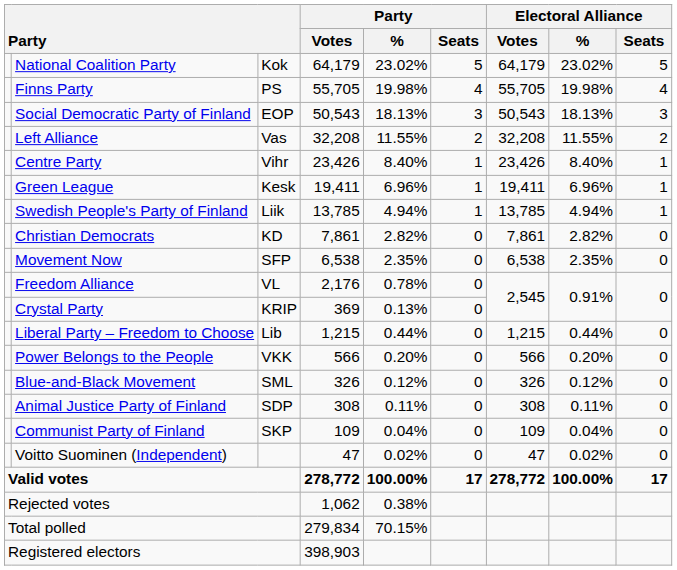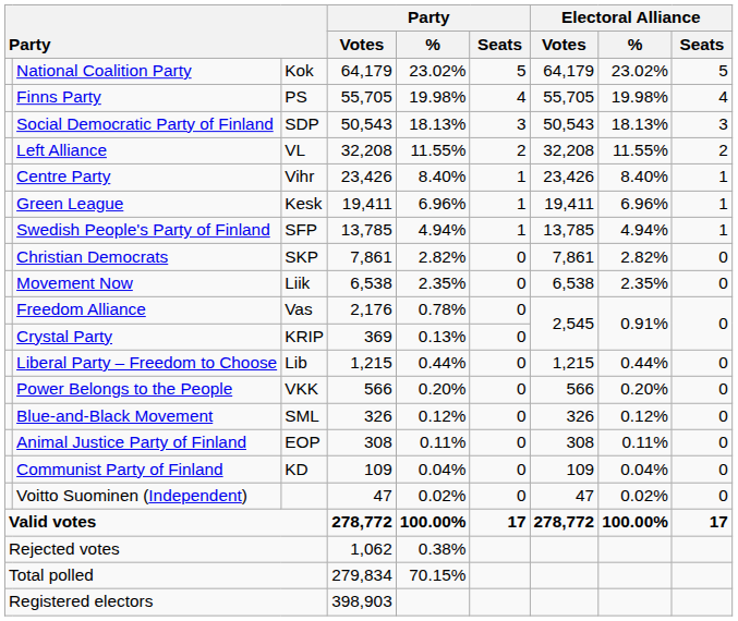 <table class="wikitable" border="1" style="text-align:right;">
 <tr>
 <th style="text-align:left;" valign=bottom rowspan=2 colspan=3>Party</th>
 <th colspan=3>Party</th>
 <th colspan=3>Electoral Alliance</th>
 </tr>
 <tr>
 <th align=center valign=bottom width="50">Votes</th>
 <th align=center valign=bottom width="50">%</th>
 <th align=center valign=bottom width="50">Seats</th>
 <th align=center valign=bottom width="50">Votes</th>
 <th align=center valign=bottom width="50">%</th>
 <th align=center valign=bottom width="50">Seats</th>
 </tr>
 <tr>
 <td></td>
 <td align=left><a href='#'>National Coalition Party</a></td>
 <td align=left>Kok</td>
 <td>64,179</td>
 <td>23.02%</td>
 <td>5</td>
 <td>64,179</td>
 <td>23.02%</td>
 <td>5</td>
 </tr>
 <tr>
 <td></td>
 <td align=left><a href='#'>Finns Party</a></td>
 <td align=left>PS</td>
 <td>55,705</td>
 <td>19.98%</td>
 <td>4</td>
 <td>55,705</td>
 <td>19.98%</td>
 <td>4</td>
 </tr>
 <tr>
 <td></td>
 <td align=left style="white-space: nowrap;"><a href='#'>Social Democratic Party of Finland</a></td>
-<td align=left>EOP</td>
+<td align=left>SDP</td>
 <td>50,543</td>
 <td>18.13%</td>
 <td>3</td>
 <td>50,543</td>
 <td>18.13%</td>
 <td>3</td>
 </tr>
 <tr>
 <td></td>
 <td align=left><a href='#'>Left Alliance</a></td>
-<td align=left>Vas</td>
+<td align=left>VL</td>
 <td>32,208</td>
 <td>11.55%</td>
 <td>2</td>
 <td>32,208</td>
 <td>11.55%</td>
 <td>2</td>
 </tr>
 <tr>
 <td></td>
 <td align=left><a href='#'>Centre Party</a></td>
 <td align=left>Vihr</td>
 <td>23,426</td>
 <td>8.40%</td>
 <td>1</td>
 <td>23,426</td>
 <td>8.40%</td>
 <td>1</td>
 </tr>
 <tr>
 <td></td>
 <td align=left><a href='#'>Green League</a></td>
 <td align=left>Kesk</td>
 <td>19,411</td>
 <td>6.96%</td>
 <td>1</td>
 <td>19,411</td>
 <td>6.96%</td>
 <td>1</td>
 </tr>
 <tr>
 <td></td>
 <td align=left><a href='#'>Swedish People's Party of Finland</a></td>
-<td align=left>Liik</td>
+<td align=left>SFP</td>
 <td>13,785</td>
 <td>4.94%</td>
 <td>1</td>
 <td>13,785</td>
 <td>4.94%</td>
 <td>1</td>
 </tr>
 <tr>
 <td></td>
 <td align=left><a href='#'>Christian Democrats</a></td>
-<td align=left>KD</td>
+<td align=left>SKP</td>
 <td>7,861</td>
 <td>2.82%</td>
 <td>0</td>
 <td>7,861</td>
 <td>2.82%</td>
 <td>0</td>
 </tr>
 <tr>
 <td></td>
 <td align=left><a href='#'>Movement Now</a></td>
-<td align=left>SFP</td>
+<td align=left>Liik</td>
 <td>6,538</td>
 <td>2.35%</td>
 <td>0</td>
 <td>6,538</td>
 <td>2.35%</td>
 <td>0</td>
 </tr>
 <tr>
 <td></td>
 <td align=left><a href='#'>Freedom Alliance</a></td>
-<td align=left>VL</td>
+<td align=left>Vas</td>
 <td>2,176</td>
 <td>0.78%</td>
 <td>0</td>
 <td rowspan=2>2,545</td>
 <td rowspan=2>0.91%</td>
 <td rowspan=2>0</td>
 </tr>
 <tr>
 <td></td>
 <td align=left><a href='#'>Crystal Party</a></td>
 <td align=left>KRIP</td>
 <td>369</td>
 <td>0.13%</td>
 <td>0</td>
 </tr>
 <tr>
 <td></td>
 <td align=left><a href='#'>Liberal Party – Freedom to Choose</a></td>
 <td align=left>Lib</td>
 <td>1,215</td>
 <td>0.44%</td>
 <td>0</td>
 <td>1,215</td>
 <td>0.44%</td>
 <td>0</td>
 </tr>
 <tr>
 <td></td>
 <td align=left><a href='#'>Power Belongs to the People</a></td>
 <td align=left>VKK</td>
 <td>566</td>
 <td>0.20%</td>
 <td>0</td>
 <td>566</td>
 <td>0.20%</td>
 <td>0</td>
 </tr>
 <tr>
 <td></td>
 <td align=left><a href='#'>Blue-and-Black Movement</a></td>
 <td align=left>SML</td>
 <td>326</td>
 <td>0.12%</td>
 <td>0</td>
 <td>326</td>
 <td>0.12%</td>
 <td>0</td>
 </tr>
 <tr>
 <td></td>
 <td align=left><a href='#'>Animal Justice Party of Finland</a></td>
-<td align=left>SDP</td>
+<td align=left>EOP</td>
 <td>308</td>
 <td>0.11%</td>
 <td>0</td>
 <td>308</td>
 <td>0.11%</td>
 <td>0</td>
 </tr>
 <tr>
 <td></td>
 <td align=left><a href='#'>Communist Party of Finland</a></td>
-<td align=left>SKP</td>
+<td align=left>KD</td>
 <td>109</td>
 <td>0.04%</td>
 <td>0</td>
 <td>109</td>
 <td>0.04%</td>
 <td>0</td>
 </tr>
 <tr>
 <td></td>
 <td align=left>Voitto Suominen (<a href='#'>Independent</a>)</td>
 <td align=left></td>
 <td>47</td>
 <td>0.02%</td>
 <td>0</td>
 <td>47</td>
 <td>0.02%</td>
 <td>0</td>
 </tr>
 <tr style="font-weight:bold">
 <td align=left colspan=3>Valid votes</td>
 <td>278,772</td>
 <td>100.00%</td>
 <td>17</td>
 <td>278,772</td>
 <td>100.00%</td>
 <td>17</td>
 </tr>
 <tr>
 <td align=left colspan=3>Rejected votes</td>
 <td>1,062</td>
 <td>0.38%</td>
 <td></td>
 <td></td>
 <td></td>
 <td></td>
 </tr>
 <tr>
 <td align=left colspan=3>Total polled</td>
 <td>279,834</td>
 <td>70.15%</td>
 <td></td>
 <td></td>
 <td></td>
 <td></td>
 </tr>
 <tr>
 <td align=left colspan=3>Registered electors</td>
 <td>398,903</td>
 <td></td>
 <td></td>
 <td></td>
 <td></td>
 <td></td>
 </tr>
 </table>
